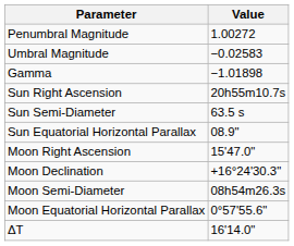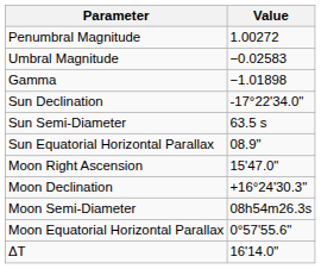 <table class="wikitable">
 <tr>
 <th>Parameter</th>
 <th>Value</th>
 </tr>
 <tr>
 <td>Penumbral Magnitude</td>
 <td>1.00272</td>
 </tr>
 <tr>
 <td>Umbral Magnitude</td>
 <td>−0.02583</td>
 </tr>
 <tr>
 <td>Gamma</td>
 <td>−1.01898</td>
 </tr>
 <tr>
-<td>Sun Right Ascension</td>
-<td>20h55m10.7s</td>
+<td>Sun Declination</td>
+<td>-17°22'34.0"</td>
 </tr>
 <tr>
 <td>Sun Semi-Diameter</td>
 <td>63.5 s</td>
 </tr>
 <tr>
 <td>Sun Equatorial Horizontal Parallax</td>
 <td>08.9"</td>
 </tr>
 <tr>
 <td>Moon Right Ascension</td>
 <td>15'47.0"</td>
 </tr>
 <tr>
 <td>Moon Declination</td>
 <td>+16°24'30.3"</td>
 </tr>
 <tr>
 <td>Moon Semi-Diameter</td>
 <td>08h54m26.3s</td>
 </tr>
 <tr>
 <td>Moon Equatorial Horizontal Parallax</td>
 <td>0°57'55.6"</td>
 </tr>
 <tr>
 <td>ΔT</td>
 <td>16'14.0"</td>
 </tr>
 </table>
